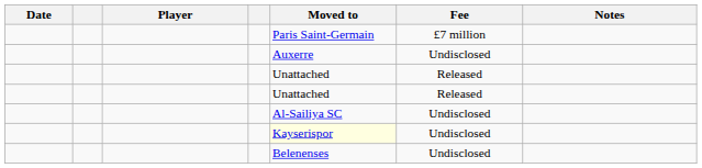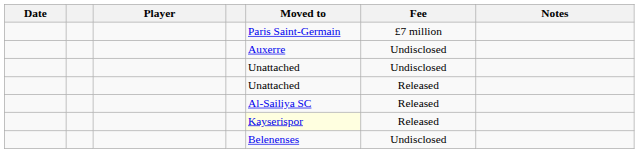 <table class="wikitable sortable">
 <tr>
 <th style="width:80px;">Date</th>
 <th style="width:30px;"></th>
 <th style="width:180px;">Player</th>
 <th style="width:20px;"></th>
 <th style="width:155px;">Moved to</th>
 <th style="width:155px;" class="unsortable">Fee</th>
 <th style="width:215px;" class="unsortable">Notes</th>
 </tr>
 <tr>
 <td></td>
 <td align=center></td>
 <td> </td>
 <td></td>
 <td> <a href='#'>Paris Saint-Germain</a></td>
 <td align=center>£7 million</td>
 <td align=center></td>
 </tr>
 <tr>
 <td></td>
 <td align=center></td>
 <td> </td>
 <td></td>
 <td> <a href='#'>Auxerre</a></td>
 <td align=center>Undisclosed</td>
 <td align=center></td>
 </tr>
 <tr>
 <td></td>
 <td align=center></td>
 <td> </td>
 <td></td>
 <td>Unattached</td>
-<td align=center>Released</td>
+<td align=center>Undisclosed</td>
 <td align=center></td>
 </tr>
 <tr>
 <td></td>
 <td align=center></td>
 <td> </td>
 <td></td>
 <td>Unattached</td>
 <td align=center>Released</td>
 <td align=center></td>
 </tr>
 <tr>
 <td></td>
 <td align=center></td>
 <td> </td>
 <td></td>
 <td> <a href='#'>Al-Sailiya SC</a></td>
-<td align=center>Undisclosed</td>
+<td align=center>Released</td>
 <td align=center></td>
 </tr>
 <tr>
 <td></td>
 <td align=center></td>
 <td> </td>
 <td></td>
 <td style="background: lightyellow;"> <a href='#'>Kayserispor</a></td>
-<td align=center>Undisclosed</td>
+<td align=center>Released</td>
 <td align=center></td>
 </tr>
 <tr>
 <td></td>
 <td align=center></td>
 <td> </td>
 <td></td>
 <td> <a href='#'>Belenenses</a></td>
 <td align=center>Undisclosed</td>
 <td align=center></td>
 </tr>
 </table>
